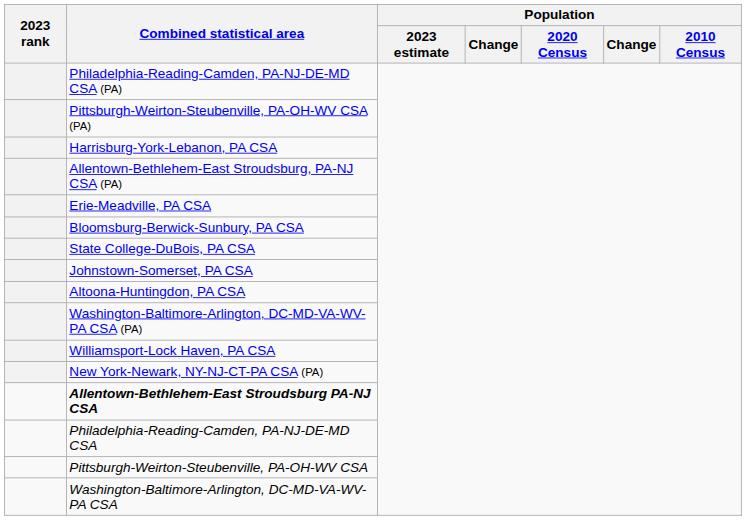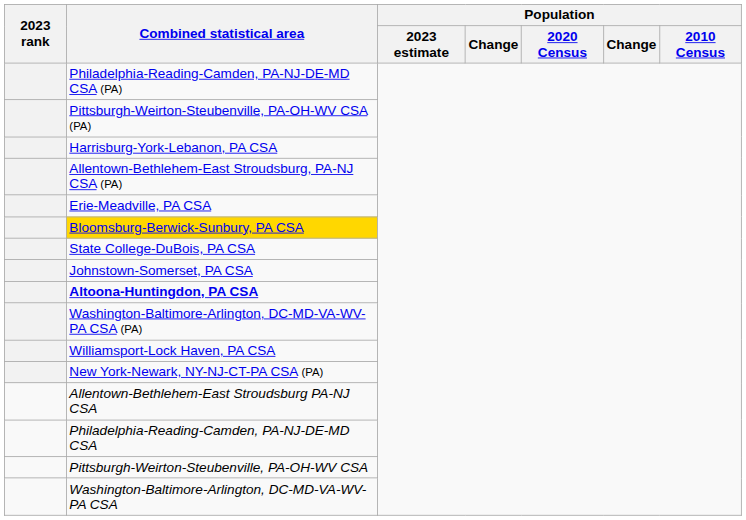 <table class="wikitable sortable">
 <tr>
 <th scope=col rowspan=2>2023 rank</th>
 <th scope=col rowspan=2><a href='#'>Combined statistical area</a></th>
 <th colspan=5>Population</th>
 </tr>
 <tr>
 <th scope=col>2023 estimate</th>
 <th scope=col>Change</th>
 <th scope=col><a href='#'>2020 Census</a></th>
 <th scope=col>Change</th>
 <th scope=col><a href='#'>2010 Census</a></th>
 </tr>
 <tr>
 <th scope=row></th>
 <td><a href='#'>Philadelphia-Reading-Camden, PA-NJ-DE-MD CSA</a> <small>(PA)</small><br></td>
 </tr>
 <tr>
 <th scope=row></th>
 <td><a href='#'>Pittsburgh-Weirton-Steubenville, PA-OH-WV CSA</a> <small>(PA)</small><br></td>
 </tr>
 <tr>
 <th scope=row></th>
 <td><a href='#'>Harrisburg-York-Lebanon, PA CSA</a><br></td>
 </tr>
 <tr>
 <th scope=row></th>
 <td><a href='#'>Allentown-Bethlehem-East Stroudsburg, PA-NJ CSA</a> <small>(PA)</small><br></td>
 </tr>
 <tr>
 <th scope=row></th>
 <td><a href='#'>Erie-Meadville, PA CSA</a><br></td>
 </tr>
 <tr>
 <th scope=row></th>
-<td><a href='#'>Bloomsburg-Berwick-Sunbury, PA CSA</a><br></td>
+<td style="background: gold;"><a href='#'>Bloomsburg-Berwick-Sunbury, PA CSA</a><br></td>
 </tr>
 <tr>
 <th scope=row></th>
 <td><a href='#'>State College-DuBois, PA CSA</a><br></td>
 </tr>
 <tr>
 <th scope=row></th>
 <td><a href='#'>Johnstown-Somerset, PA CSA</a><br></td>
 </tr>
 <tr>
 <th scope=row></th>
-<td><a href='#'>Altoona-Huntingdon, PA CSA</a><br></td>
+<td><strong><a href='#'>Altoona-Huntingdon, PA CSA</a><br></strong></td>
 </tr>
 <tr>
 <th scope=row></th>
 <td><a href='#'>Washington-Baltimore-Arlington, DC-MD-VA-WV-PA CSA</a> <small>(PA)</small><br></td>
 </tr>
 <tr>
 <th scope=row></th>
 <td><a href='#'>Williamsport-Lock Haven, PA CSA</a><br></td>
 </tr>
 <tr>
 <th scope=row></th>
 <td><a href='#'>New York-Newark, NY-NJ-CT-PA CSA</a> <small>(PA)</small><br></td>
 </tr>
 <tr>
 <td></td>
-<td><strong><em><span>Allentown-Bethlehem-East Stroudsburg PA-NJ CSA</span></em><br></strong></td>
+<td><em><span>Allentown-Bethlehem-East Stroudsburg PA-NJ CSA</span></em><br></td>
 </tr>
 <tr>
 <td></td>
 <td><em><span>Philadelphia-Reading-Camden, PA-NJ-DE-MD CSA</span></em><br></td>
 </tr>
 <tr>
 <td></td>
 <td><em><span>Pittsburgh-Weirton-Steubenville, PA-OH-WV CSA</span></em><br></td>
 </tr>
 <tr>
 <td></td>
 <td><em><span>Washington-Baltimore-Arlington, DC-MD-VA-WV-PA CSA</span></em><br></td>
 </tr>
 </table>
